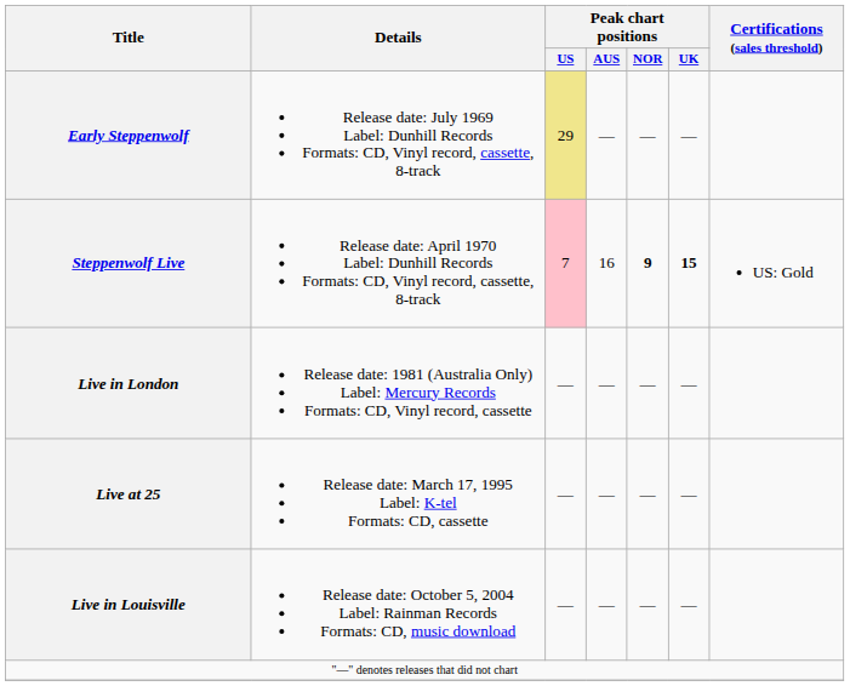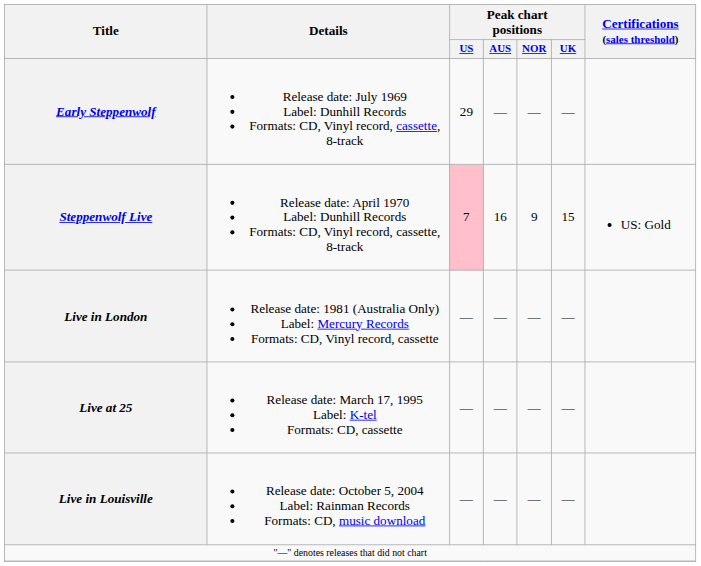 <table class="wikitable plainrowheaders" style="text-align:center;">
 <tr>
 <th rowspan="2" style="width:15em;">Title</th>
 <th rowspan="2" style="width:18em;">Details</th>
 <th colspan="4">Peak chart<br>positions</th>
 <th rowspan="2" style="width:8em;"><a href='#'>Certifications</a><br><small>(<a href='#'>sales threshold</a>)</small></th>
 </tr>
 <tr style="font-size:smaller;">
 <th width="35"><a href='#'>US</a><br></th>
 <th width="35"><a href='#'>AUS</a><br></th>
 <th width="35"><a href='#'>NOR</a><br></th>
 <th width="35"><a href='#'>UK</a><br></th>
 </tr>
 <tr>
 <th scope="row"><em><a href='#'>Early Steppenwolf</a></em></th>
 <td><br><ul><li>Release date: July 1969</li><li>Label: Dunhill Records</li><li>Formats: CD, Vinyl record, <a href='#'>cassette</a>, 8-track</li></ul></td>
-<td style="background: khaki;">29</td>
+<td>29</td>
 <td>—</td>
 <td>—</td>
 <td>—</td>
 <td></td>
 </tr>
 <tr>
 <th scope="row"><em><a href='#'>Steppenwolf Live</a></em></th>
 <td><br><ul><li>Release date: April 1970</li><li>Label: Dunhill Records</li><li>Formats: CD, Vinyl record, cassette, 8-track</li></ul></td>
 <td style="background: pink;">7</td>
 <td>16</td>
-<td><strong>9</strong></td>
-<td><strong>15</strong></td>
+<td>9</td>
+<td>15</td>
 <td align="left"><br><ul><li>US: Gold</li></ul></td>
 </tr>
 <tr>
 <th scope="row"><em>Live in London</em></th>
 <td><br><ul><li>Release date: 1981 (Australia Only)</li><li>Label: <a href='#'>Mercury Records</a></li><li>Formats: CD, Vinyl record, cassette</li></ul></td>
 <td>—</td>
 <td>—</td>
 <td>—</td>
 <td>—</td>
 <td></td>
 </tr>
 <tr>
 <th scope="row"><em>Live at 25</em></th>
 <td><br><ul><li>Release date: March 17, 1995</li><li>Label: <a href='#'>K-tel</a></li><li>Formats: CD, cassette</li></ul></td>
 <td>—</td>
 <td>—</td>
 <td>—</td>
 <td>—</td>
 <td></td>
 </tr>
 <tr>
 <th scope="row"><em>Live in Louisville</em></th>
 <td><br><ul><li>Release date: October 5, 2004</li><li>Label: Rainman Records</li><li>Formats: CD, <a href='#'>music download</a></li></ul></td>
 <td>—</td>
 <td>—</td>
 <td>—</td>
 <td>—</td>
 <td></td>
 </tr>
 <tr>
 <td colspan="10" style="font-size:9pt">"—" denotes releases that did not chart</td>
 </tr>
 <tr>
 </tr>
 </table>
